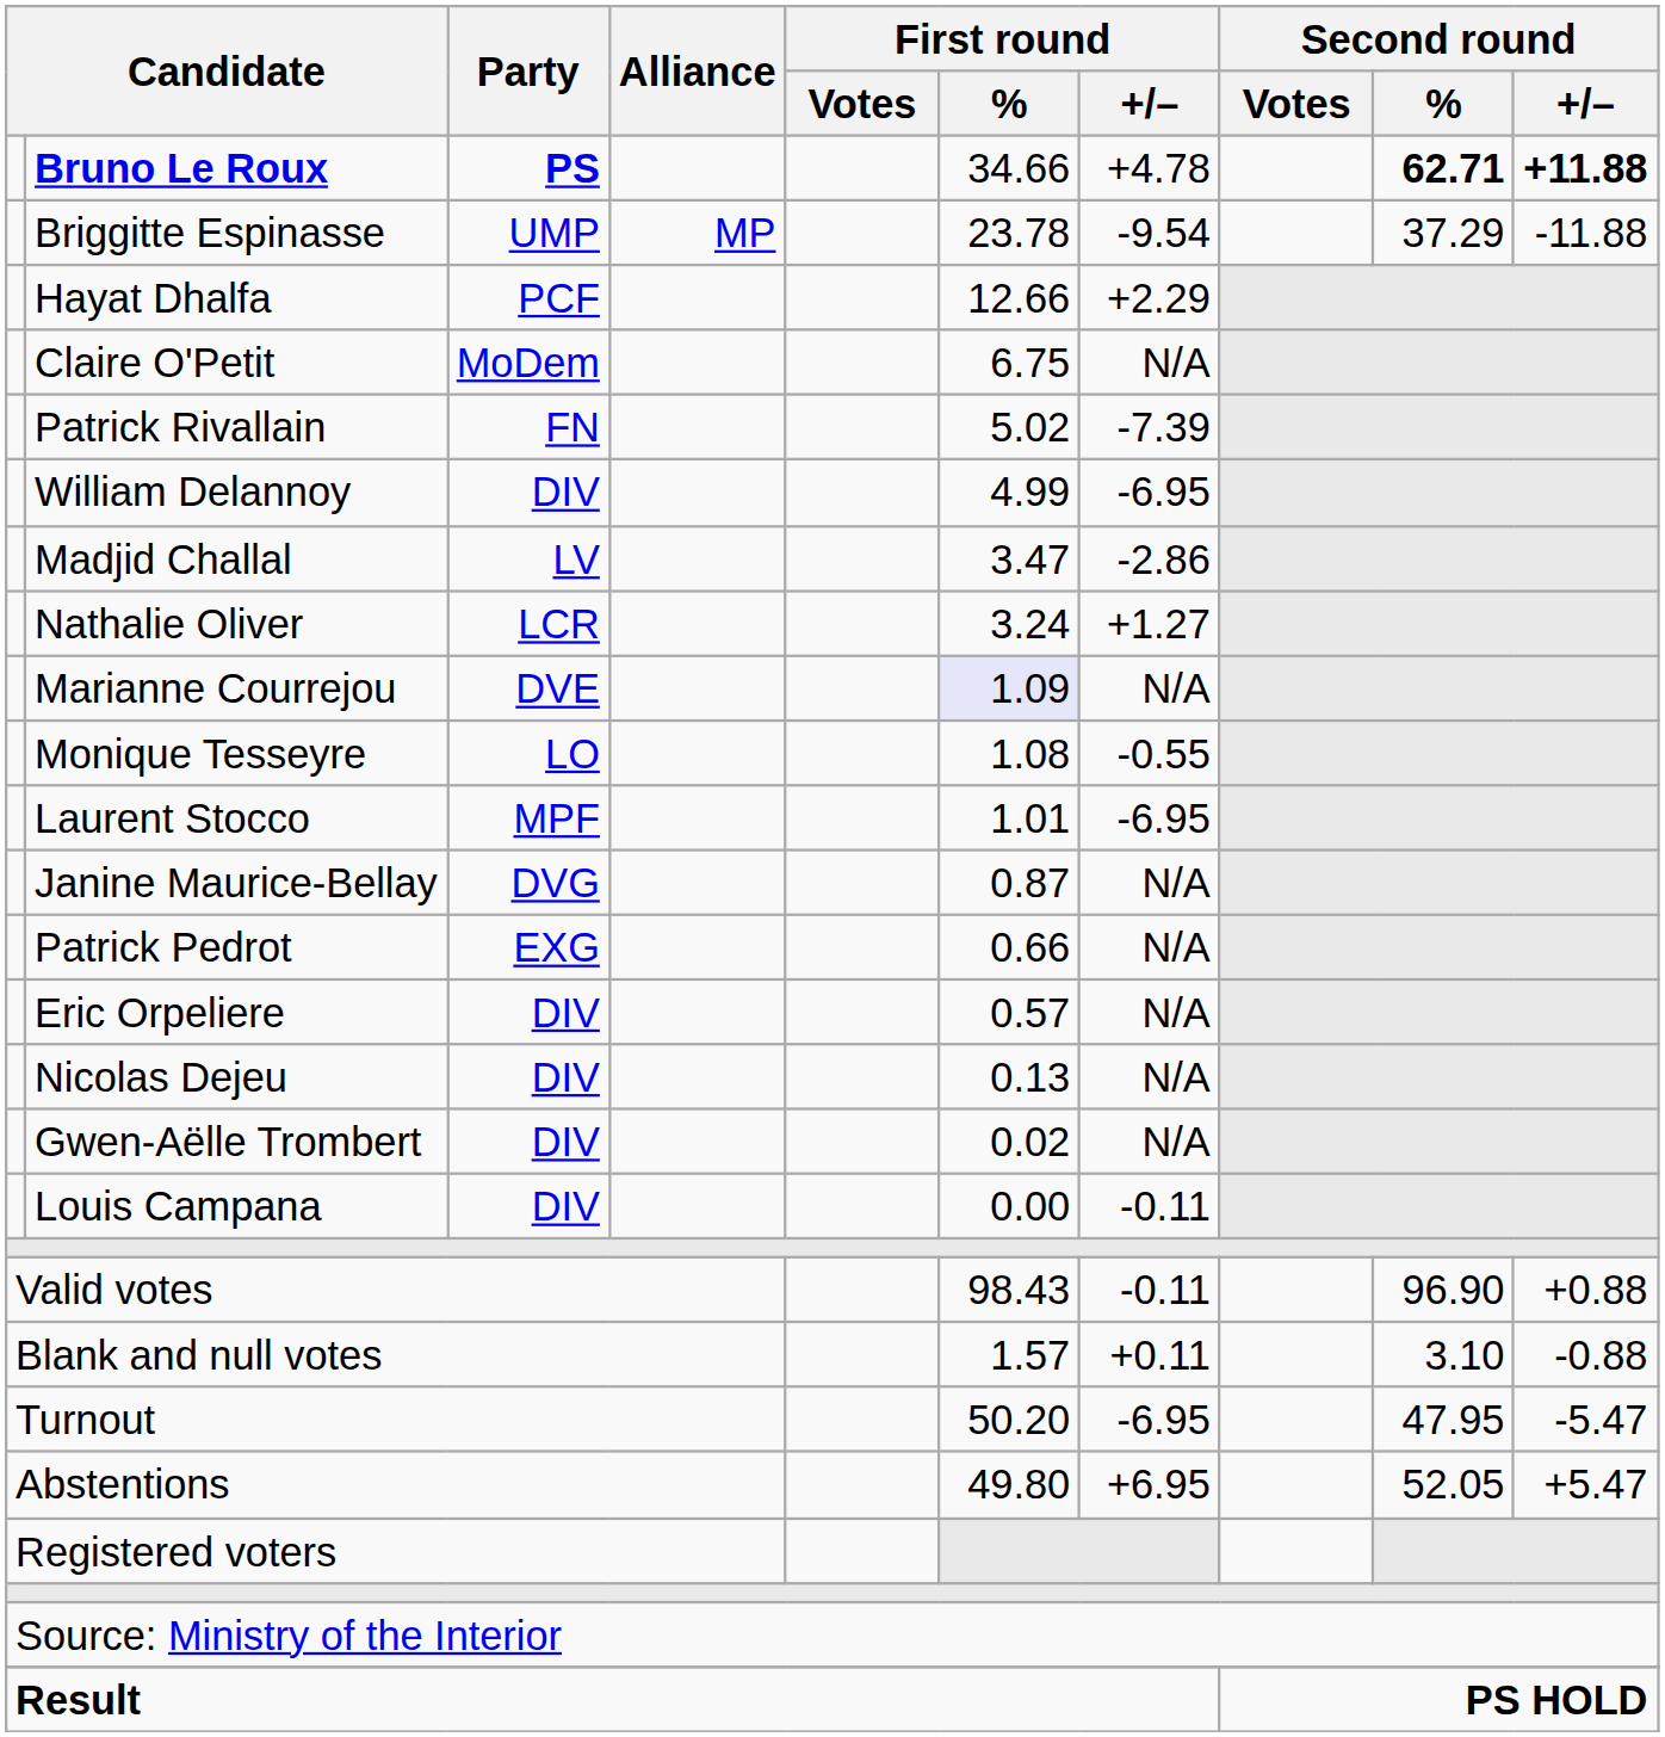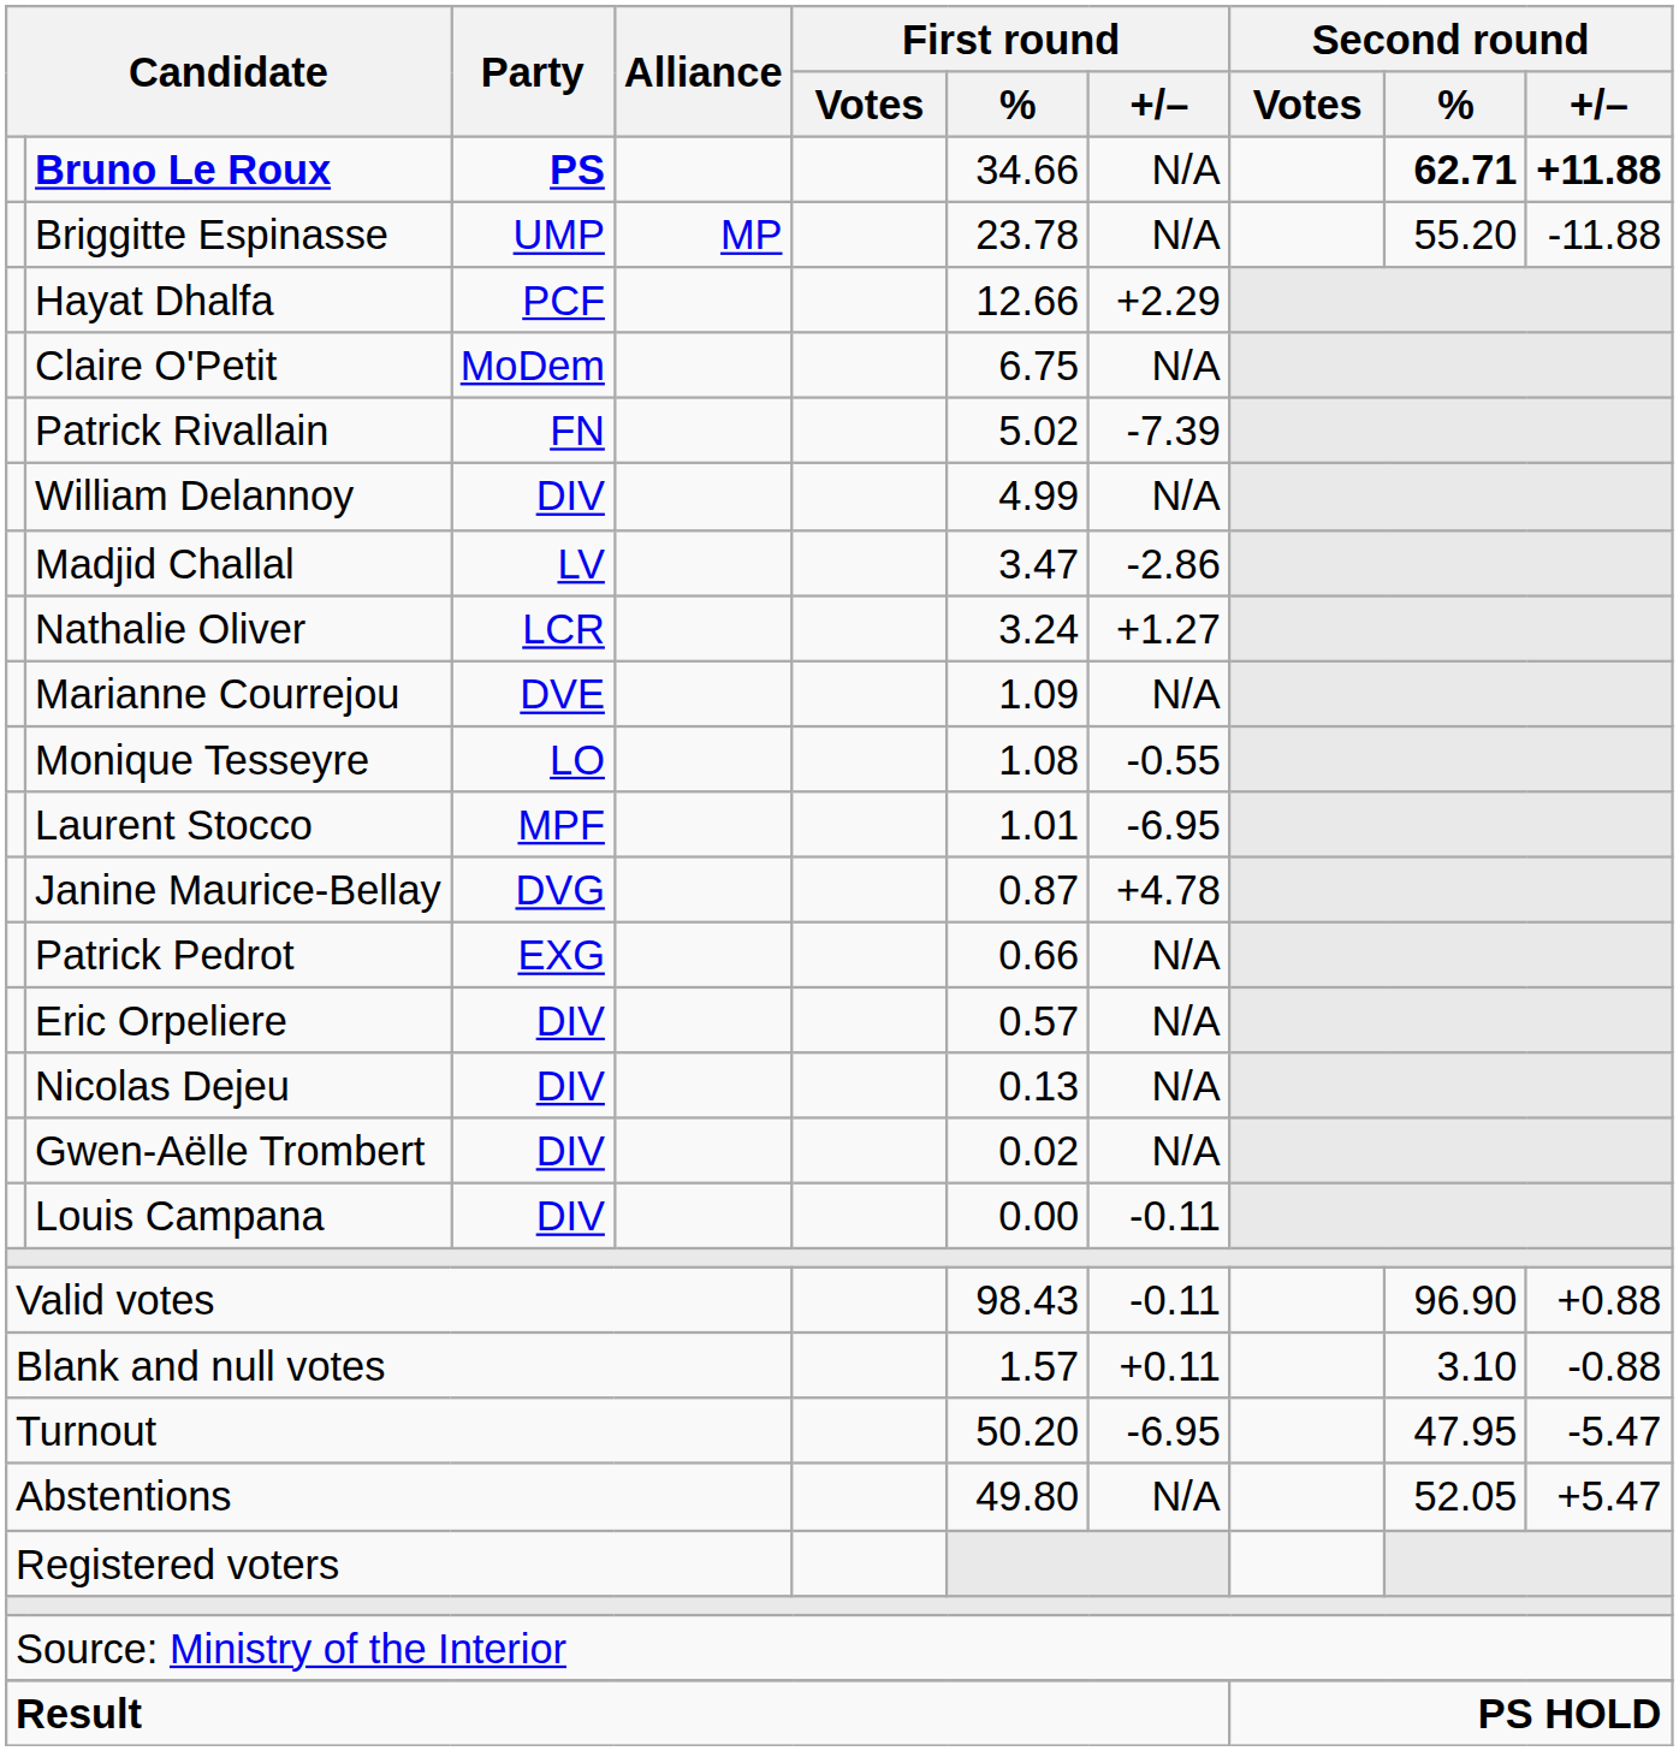 <table class="wikitable" style="text-align:right;font-size:95%;">
 <tr>
 <th rowspan="2" colspan="2">Candidate</th>
 <th rowspan="2">Party</th>
 <th rowspan="2">Alliance</th>
 <th colspan="3">First round</th>
 <th colspan="3">Second round</th>
 </tr>
 <tr>
 <th style="width:50px;">Votes</th>
 <th style="width:45px;">%</th>
 <th style="width:45px;">+/–</th>
 <th style="width:50px;">Votes</th>
 <th style="width:45px;">%</th>
 <th style="width:45px;">+/–</th>
 </tr>
 <tr>
 <td style="color:inherit;background:"></td>
 <td style="text-align:left;"><strong><a href='#'>Bruno Le Roux</a></strong></td>
 <td><a href='#'><strong>PS</strong></a> </td>
 <td></td>
 <td></td>
 <td>34.66</td>
-<td>+4.78</td>
+<td>N/A</td>
 <td><strong></strong></td>
 <td><strong>62.71</strong></td>
 <td><strong>+11.88</strong></td>
 </tr>
 <tr>
 <td style="color:inherit;background:"></td>
 <td style="text-align:left;">Briggitte Espinasse</td>
 <td><a href='#'>UMP</a> </td>
 <td><a href='#'>MP</a> </td>
 <td></td>
 <td>23.78</td>
-<td>-9.54</td>
+<td>N/A</td>
 <td></td>
-<td>37.29</td>
+<td>55.20</td>
 <td>-11.88</td>
 </tr>
 <tr>
 <td style="color:inherit;background:"></td>
 <td style="text-align:left;">Hayat Dhalfa</td>
 <td><a href='#'>PCF</a></td>
 <td></td>
 <td></td>
 <td>12.66</td>
 <td>+2.29</td>
 <td colspan="3" style="background:#E9E9E9;"></td>
 </tr>
 <tr>
 <td style="color:inherit;background:"></td>
 <td style="text-align:left;">Claire O'Petit</td>
 <td><a href='#'>MoDem</a></td>
 <td></td>
 <td></td>
 <td>6.75</td>
 <td>N/A</td>
 <td colspan="3" style="background:#E9E9E9;"></td>
 </tr>
 <tr>
 <td style="color:inherit;background:"></td>
 <td style="text-align:left;">Patrick Rivallain</td>
 <td><a href='#'>FN</a></td>
 <td></td>
 <td></td>
 <td>5.02</td>
 <td>-7.39</td>
 <td colspan="3" style="background:#E9E9E9;"></td>
 </tr>
 <tr>
 <td style="color:inherit;background:"></td>
 <td style="text-align:left;">William Delannoy</td>
 <td><a href='#'>DIV</a></td>
 <td></td>
 <td></td>
 <td>4.99</td>
-<td>-6.95</td>
+<td>N/A</td>
 <td colspan="3" style="background:#E9E9E9;"></td>
 </tr>
 <tr>
 <td style="color:inherit;background:"></td>
 <td style="text-align:left;">Madjid Challal</td>
 <td><a href='#'>LV</a></td>
 <td></td>
 <td></td>
 <td>3.47</td>
 <td>-2.86</td>
 <td colspan="3" style="background:#E9E9E9;"></td>
 </tr>
 <tr>
 <td style="color:inherit;background:"></td>
 <td style="text-align:left;">Nathalie Oliver</td>
 <td><a href='#'>LCR</a></td>
 <td></td>
 <td></td>
 <td>3.24</td>
 <td>+1.27</td>
 <td colspan="3" style="background:#E9E9E9;"></td>
 </tr>
 <tr>
 <td style="color:inherit;background:"></td>
 <td style="text-align:left;">Marianne Courrejou</td>
 <td><a href='#'>DVE</a></td>
 <td></td>
 <td></td>
-<td style="background: lavender;">1.09</td>
+<td>1.09</td>
 <td>N/A</td>
 <td colspan="3" style="background:#E9E9E9;"></td>
 </tr>
 <tr>
 <td style="color:inherit;background:"></td>
 <td style="text-align:left;">Monique Tesseyre</td>
 <td><a href='#'>LO</a></td>
 <td></td>
 <td></td>
 <td>1.08</td>
 <td>-0.55</td>
 <td colspan="3" style="background:#E9E9E9;"></td>
 </tr>
 <tr>
 <td style="color:inherit;background:"></td>
 <td style="text-align:left;">Laurent Stocco</td>
 <td><a href='#'>MPF</a></td>
 <td></td>
 <td></td>
 <td>1.01</td>
 <td>-6.95</td>
 <td colspan="3" style="background:#E9E9E9;"></td>
 </tr>
 <tr>
 <td style="color:inherit;background:"></td>
 <td style="text-align:left;">Janine Maurice-Bellay</td>
 <td><a href='#'>DVG</a></td>
 <td></td>
 <td></td>
 <td>0.87</td>
-<td>N/A</td>
+<td>+4.78</td>
 <td colspan="3" style="background:#E9E9E9;"></td>
 </tr>
 <tr>
 <td style="color:inherit;background:"></td>
 <td style="text-align:left;">Patrick Pedrot</td>
 <td><a href='#'>EXG</a></td>
 <td></td>
 <td></td>
 <td>0.66</td>
 <td>N/A</td>
 <td colspan="3" style="background:#E9E9E9;"></td>
 </tr>
 <tr>
 <td style="color:inherit;background:"></td>
 <td style="text-align:left;">Eric Orpeliere</td>
 <td><a href='#'>DIV</a></td>
 <td></td>
 <td></td>
 <td>0.57</td>
 <td>N/A</td>
 <td colspan="3" style="background:#E9E9E9;"></td>
 </tr>
 <tr>
 <td style="color:inherit;background:"></td>
 <td style="text-align:left;">Nicolas Dejeu</td>
 <td><a href='#'>DIV</a></td>
 <td></td>
 <td></td>
 <td>0.13</td>
 <td>N/A</td>
 <td colspan="3" style="background:#E9E9E9;"></td>
 </tr>
 <tr>
 <td style="color:inherit;background:"></td>
 <td style="text-align:left;">Gwen-Aëlle Trombert</td>
 <td><a href='#'>DIV</a></td>
 <td></td>
 <td></td>
 <td>0.02</td>
 <td>N/A</td>
 <td colspan="3" style="background:#E9E9E9;"></td>
 </tr>
 <tr>
 <td style="color:inherit;background:"></td>
 <td style="text-align:left;">Louis Campana</td>
 <td><a href='#'>DIV</a></td>
 <td></td>
 <td></td>
 <td>0.00</td>
 <td>-0.11</td>
 <td colspan="3" style="background:#E9E9E9;"></td>
 </tr>
 <tr>
 <td colspan="10" style="background:#E9E9E9;"></td>
 </tr>
 <tr>
 <td colspan="4" style="text-align:left;">Valid votes</td>
 <td></td>
 <td>98.43</td>
 <td>-0.11</td>
 <td></td>
 <td>96.90</td>
 <td>+0.88</td>
 </tr>
 <tr>
 <td colspan="4" style="text-align:left;">Blank and null votes</td>
 <td></td>
 <td>1.57</td>
 <td>+0.11</td>
 <td></td>
 <td>3.10</td>
 <td>-0.88</td>
 </tr>
 <tr>
 <td colspan="4" style="text-align:left;">Turnout</td>
 <td></td>
 <td>50.20</td>
 <td>-6.95</td>
 <td></td>
 <td>47.95</td>
 <td>-5.47</td>
 </tr>
 <tr>
 <td colspan="4" style="text-align:left;">Abstentions</td>
 <td></td>
 <td>49.80</td>
-<td>+6.95</td>
+<td>N/A</td>
 <td></td>
 <td>52.05</td>
 <td>+5.47</td>
 </tr>
 <tr>
 <td colspan="4" style="text-align:left;">Registered voters</td>
 <td></td>
 <td colspan="2" style="background:#E9E9E9;"></td>
 <td></td>
 <td colspan="2" style="background:#E9E9E9;"></td>
 </tr>
 <tr>
 <td colspan="10" style="background:#E9E9E9;"></td>
 </tr>
 <tr>
 <td colspan="10" style="text-align:left;">Source: <a href='#'>Ministry of the Interior</a></td>
 </tr>
 <tr>
 </tr>
 <tr style="font-weight:bold">
 <td colspan="7" style="text-align:left;">Result</td>
 <td colspan="7" style="background-color:">PS HOLD</td>
 </tr>
 </table>
